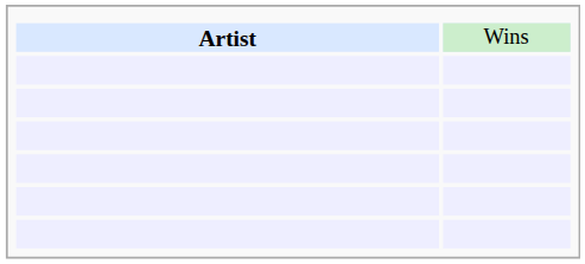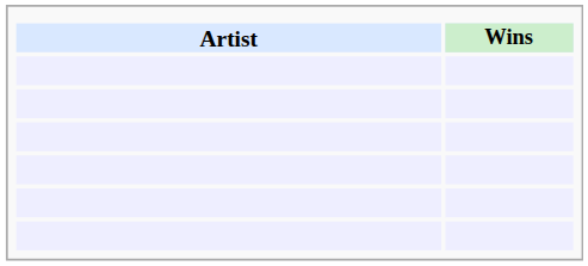 <table class="infobox" style="width: 25em; text-align: center; font-size: 70%; vertical-align: middle;">
 <tr>
 <td colspan="3" style="text-align:center;"></td>
 </tr>
 <tr style="background:#d9e8ff; text-align:center;">
 <th style="vertical-align: middle;">Artist</th>
-<td style="background:#cec; font-size:8pt; width:60px;">Wins</td>
+<td style="background:#cec; font-size:8pt; width:60px;"><strong>Wins</strong></td>
 </tr>
 <tr style="background:#eef;">
 <td style="text-align:center;"><br></td>
 <td></td>
 </tr>
 <tr style="background:#eef;">
 <td style="text-align:center;"><br></td>
 <td></td>
 </tr>
 <tr style="background:#eef;">
 <td style="text-align:center;"><br></td>
 <td></td>
 </tr>
 <tr style="background:#eef;">
 <td style="text-align:center;"><br></td>
 <td></td>
 </tr>
 <tr style="background:#eef;">
 <td style="text-align:center;"><br></td>
 <td></td>
 </tr>
 <tr style="background:#eef;">
 <td style="text-align:center;"><br></td>
 <td></td>
 </tr>
 </table>
